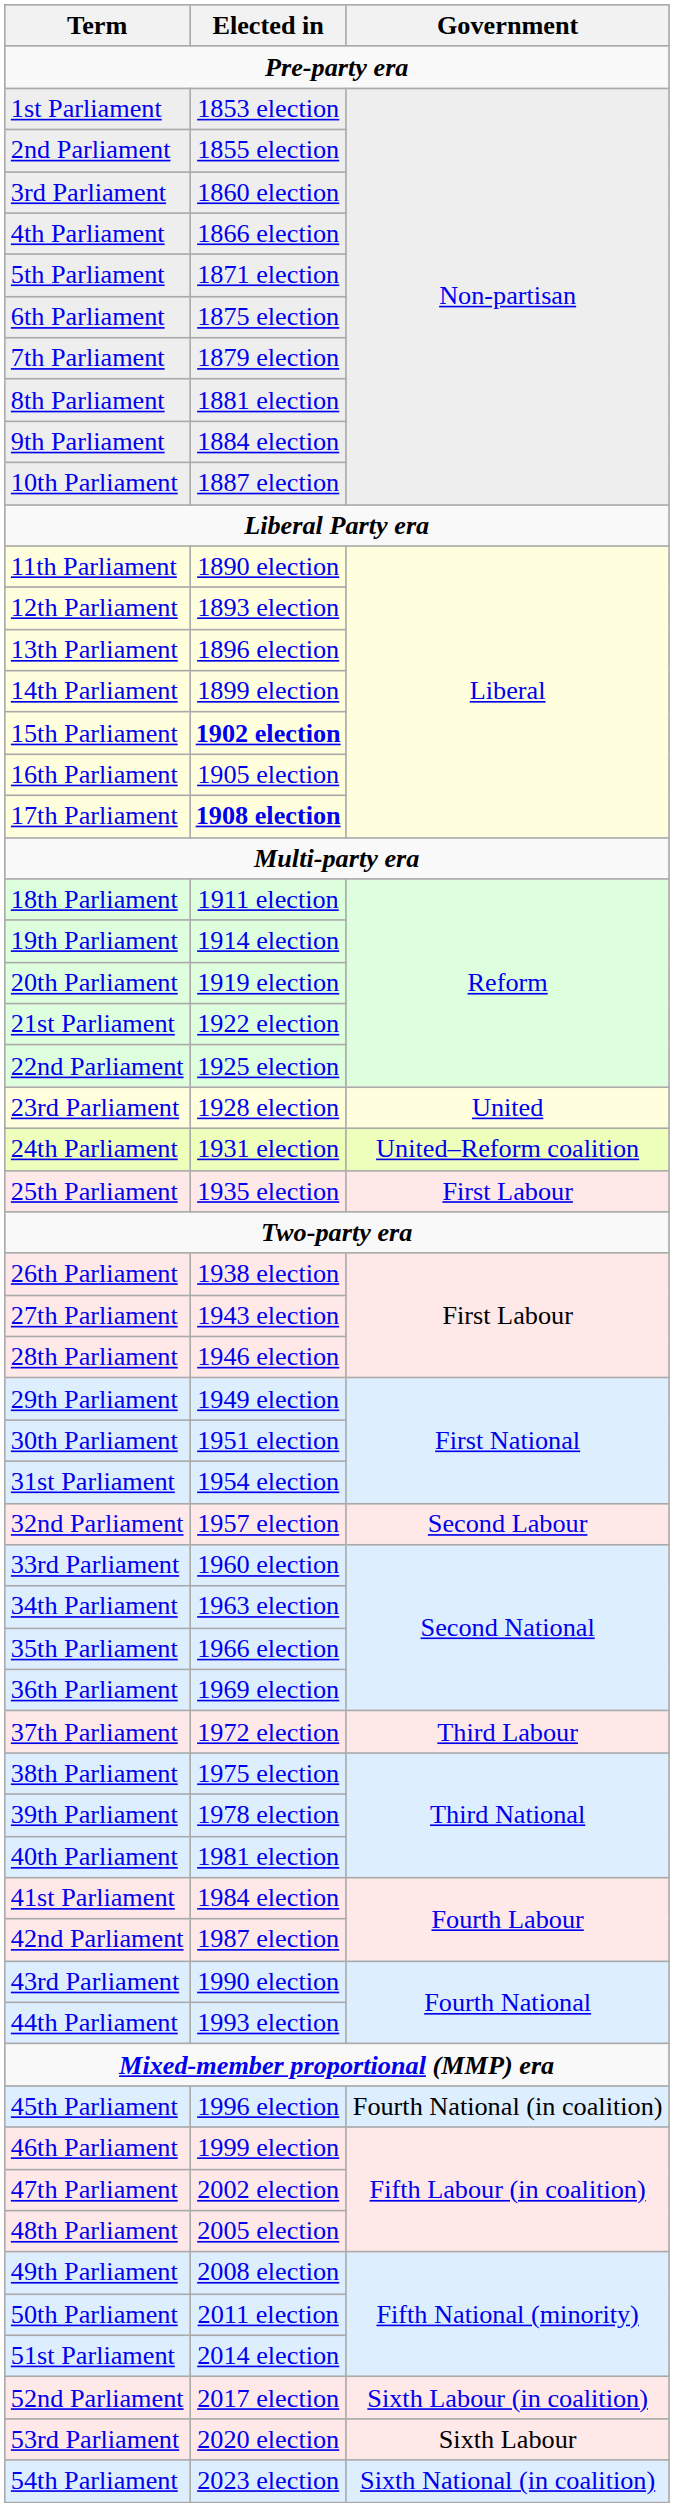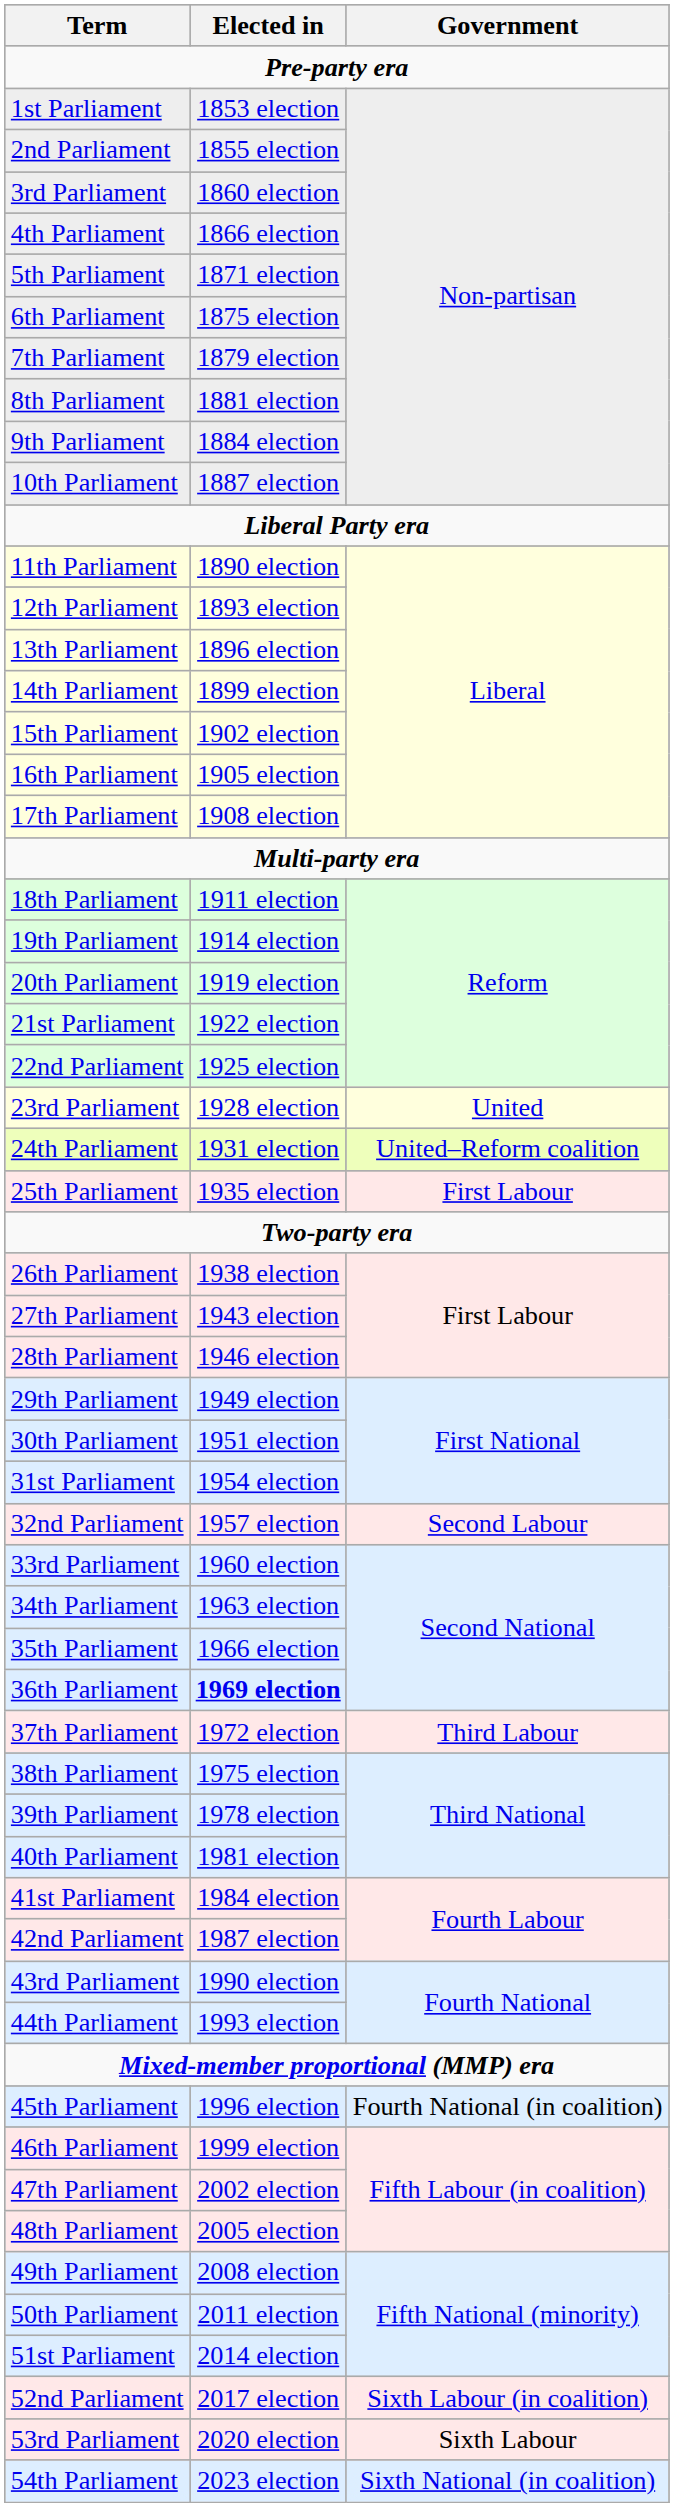 <table class="wikitable">
 <tr>
 <th>Term</th>
 <th>Elected in</th>
 <th>Government</th>
 </tr>
 <tr>
 <td colspan=3 style="text-align: center;"><strong><em>Pre-party era</em></strong></td>
 </tr>
 <tr style="background: #EEEEEE;">
 <td><a href='#'>1st Parliament</a></td>
 <td style="text-align: center;"><a href='#'>1853 election</a></td>
 <td style="text-align: center;" rowspan=10><a href='#'>Non-partisan</a></td>
 </tr>
 <tr style="background: #EEEEEE;">
 <td><a href='#'>2nd Parliament</a></td>
 <td style="text-align: center;"><a href='#'>1855 election</a></td>
 </tr>
 <tr style="background: #EEEEEE;">
 <td><a href='#'>3rd Parliament</a></td>
 <td style="text-align: center;"><a href='#'>1860 election</a></td>
 </tr>
 <tr style="background: #EEEEEE;">
 <td><a href='#'>4th Parliament</a></td>
 <td style="text-align: center;"><a href='#'>1866 election</a></td>
 </tr>
 <tr style="background: #EEEEEE;">
 <td><a href='#'>5th Parliament</a></td>
 <td style="text-align: center;"><a href='#'>1871 election</a></td>
 </tr>
 <tr style="background: #EEEEEE;">
 <td><a href='#'>6th Parliament</a></td>
 <td style="text-align: center;"><a href='#'>1875 election</a></td>
 </tr>
 <tr style="background: #EEEEEE;">
 <td><a href='#'>7th Parliament</a></td>
 <td style="text-align: center;"><a href='#'>1879 election</a></td>
 </tr>
 <tr style="background: #EEEEEE;">
 <td><a href='#'>8th Parliament</a></td>
 <td style="text-align: center;"><a href='#'>1881 election</a></td>
 </tr>
 <tr style="background: #EEEEEE;">
 <td><a href='#'>9th Parliament</a></td>
 <td style="text-align: center;"><a href='#'>1884 election</a></td>
 </tr>
 <tr style="background: #EEEEEE;">
 <td><a href='#'>10th Parliament</a></td>
 <td style="text-align: center;"><a href='#'>1887 election</a></td>
 </tr>
 <tr>
 <td colspan=3 style="text-align: center;"><strong><em>Liberal Party era</em></strong></td>
 </tr>
 <tr style="background: #FFFFDD;">
 <td><a href='#'>11th Parliament</a></td>
 <td style="text-align: center;"><a href='#'>1890 election</a></td>
 <td style="text-align: center;" rowspan=7><a href='#'>Liberal</a></td>
 </tr>
 <tr style="background: #FFFFDD;">
 <td><a href='#'>12th Parliament</a></td>
 <td style="text-align: center;"><a href='#'>1893 election</a></td>
 </tr>
 <tr style="background: #FFFFDD;">
 <td><a href='#'>13th Parliament</a></td>
 <td style="text-align: center;"><a href='#'>1896 election</a></td>
 </tr>
 <tr style="background: #FFFFDD;">
 <td><a href='#'>14th Parliament</a></td>
 <td style="text-align: center;"><a href='#'>1899 election</a></td>
 </tr>
 <tr style="background: #FFFFDD;">
 <td><a href='#'>15th Parliament</a></td>
-<td style="text-align: center;"><strong><a href='#'>1902 election</a></strong></td>
+<td style="text-align: center;"><a href='#'>1902 election</a></td>
 </tr>
 <tr style="background: #FFFFDD;">
 <td><a href='#'>16th Parliament</a></td>
 <td style="text-align: center;"><a href='#'>1905 election</a></td>
 </tr>
 <tr style="background: #FFFFDD;">
 <td><a href='#'>17th Parliament</a></td>
-<td style="text-align: center;"><strong><a href='#'>1908 election</a></strong></td>
+<td style="text-align: center;"><a href='#'>1908 election</a></td>
 </tr>
 <tr>
 <td colspan=3 style="text-align: center;"><strong><em>Multi-party era</em></strong></td>
 </tr>
 <tr style="background: #DDFFDD;">
 <td><a href='#'>18th Parliament</a></td>
 <td style="text-align: center;"><a href='#'>1911 election</a></td>
 <td style="text-align: center;" rowspan=5><a href='#'>Reform</a></td>
 </tr>
 <tr style="background: #DDFFDD;">
 <td><a href='#'>19th Parliament</a></td>
 <td style="text-align: center;"><a href='#'>1914 election</a></td>
 </tr>
 <tr style="background: #DDFFDD;">
 <td><a href='#'>20th Parliament</a></td>
 <td style="text-align: center;"><a href='#'>1919 election</a></td>
 </tr>
 <tr style="background: #DDFFDD;">
 <td><a href='#'>21st Parliament</a></td>
 <td style="text-align: center;"><a href='#'>1922 election</a></td>
 </tr>
 <tr style="background: #DDFFDD;">
 <td><a href='#'>22nd Parliament</a></td>
 <td style="text-align: center;"><a href='#'>1925 election</a></td>
 </tr>
 <tr style="background: #FFFFDD;">
 <td><a href='#'>23rd Parliament</a></td>
 <td style="text-align: center;"><a href='#'>1928 election</a></td>
 <td style="text-align: center;"><a href='#'>United</a></td>
 </tr>
 <tr style="background: #EEFFBB;">
 <td><a href='#'>24th Parliament</a></td>
 <td style="text-align: center;"><a href='#'>1931 election</a></td>
 <td style="text-align: center;"><a href='#'>United–Reform coalition</a></td>
 </tr>
 <tr style="background: #FFE8E8;">
 <td><a href='#'>25th Parliament</a></td>
 <td style="text-align: center;"><a href='#'>1935 election</a></td>
 <td style="text-align: center;"><a href='#'>First Labour</a></td>
 </tr>
 <tr>
 <td colspan=3 style="text-align: center;"><strong><em>Two-party era</em></strong></td>
 </tr>
 <tr style="background: #FFE8E8;">
 <td><a href='#'>26th Parliament</a></td>
 <td style="text-align: center;"><a href='#'>1938 election</a></td>
 <td style="text-align: center;" rowspan=3>First Labour</td>
 </tr>
 <tr style="background: #FFE8E8;">
 <td><a href='#'>27th Parliament</a></td>
 <td style="text-align: center;"><a href='#'>1943 election</a></td>
 </tr>
 <tr style="background: #FFE8E8;">
 <td><a href='#'>28th Parliament</a></td>
 <td style="text-align: center;"><a href='#'>1946 election</a></td>
 </tr>
 <tr style="background: #DDEEFF;">
 <td><a href='#'>29th Parliament</a></td>
 <td style="text-align: center;"><a href='#'>1949 election</a></td>
 <td style="text-align: center;" rowspan=3><a href='#'>First National</a></td>
 </tr>
 <tr style="background: #DDEEFF;">
 <td><a href='#'>30th Parliament</a></td>
 <td style="text-align: center;"><a href='#'>1951 election</a></td>
 </tr>
 <tr style="background: #DDEEFF;">
 <td><a href='#'>31st Parliament</a></td>
 <td style="text-align: center;"><a href='#'>1954 election</a></td>
 </tr>
 <tr style="background: #FFE8E8;">
 <td><a href='#'>32nd Parliament</a></td>
 <td style="text-align: center;"><a href='#'>1957 election</a></td>
 <td style="text-align: center;"><a href='#'>Second Labour</a></td>
 </tr>
 <tr style="background: #DDEEFF;">
 <td><a href='#'>33rd Parliament</a></td>
 <td style="text-align: center;"><a href='#'>1960 election</a></td>
 <td style="text-align: center;" rowspan=4><a href='#'>Second National</a></td>
 </tr>
 <tr style="background: #DDEEFF;">
 <td><a href='#'>34th Parliament</a></td>
 <td style="text-align: center;"><a href='#'>1963 election</a></td>
 </tr>
 <tr style="background: #DDEEFF;">
 <td><a href='#'>35th Parliament</a></td>
 <td style="text-align: center;"><a href='#'>1966 election</a></td>
 </tr>
 <tr style="background: #DDEEFF;">
 <td><a href='#'>36th Parliament</a></td>
-<td style="text-align: center;"><a href='#'>1969 election</a></td>
+<td style="text-align: center;"><strong><a href='#'>1969 election</a></strong></td>
 </tr>
 <tr style="background: #FFE8E8;">
 <td><a href='#'>37th Parliament</a></td>
 <td style="text-align: center;"><a href='#'>1972 election</a></td>
 <td style="text-align: center;"><a href='#'>Third Labour</a></td>
 </tr>
 <tr style="background: #DDEEFF;">
 <td><a href='#'>38th Parliament</a></td>
 <td style="text-align: center;"><a href='#'>1975 election</a></td>
 <td style="text-align: center;" rowspan=3><a href='#'>Third National</a></td>
 </tr>
 <tr style="background: #DDEEFF;">
 <td><a href='#'>39th Parliament</a></td>
 <td style="text-align: center;"><a href='#'>1978 election</a></td>
 </tr>
 <tr style="background: #DDEEFF;">
 <td><a href='#'>40th Parliament</a></td>
 <td style="text-align: center;"><a href='#'>1981 election</a></td>
 </tr>
 <tr style="background: #FFE8E8;">
 <td><a href='#'>41st Parliament</a></td>
 <td style="text-align: center;"><a href='#'>1984 election</a></td>
 <td style="text-align: center;" rowspan=2><a href='#'>Fourth Labour</a></td>
 </tr>
 <tr style="background: #FFE8E8;">
 <td><a href='#'>42nd Parliament</a></td>
 <td style="text-align: center;"><a href='#'>1987 election</a></td>
 </tr>
 <tr style="background: #DDEEFF;">
 <td><a href='#'>43rd Parliament</a></td>
 <td style="text-align: center;"><a href='#'>1990 election</a></td>
 <td style="text-align: center;" rowspan=2><a href='#'>Fourth National</a></td>
 </tr>
 <tr style="background: #DDEEFF;">
 <td><a href='#'>44th Parliament</a></td>
 <td style="text-align: center;"><a href='#'>1993 election</a></td>
 </tr>
 <tr>
 <td colspan=3 style="text-align: center;"><strong><em><a href='#'>Mixed-member proportional</a> (MMP) era</em></strong></td>
 </tr>
 <tr style="background: #DDEEFF;">
 <td><a href='#'>45th Parliament</a></td>
 <td style="text-align: center;"><a href='#'>1996 election</a></td>
 <td style="text-align: center;">Fourth National (in coalition)</td>
 </tr>
 <tr style="background: #FFE8E8;">
 <td><a href='#'>46th Parliament</a></td>
 <td style="text-align: center;"><a href='#'>1999 election</a></td>
 <td style="text-align: center;" rowspan=3><a href='#'>Fifth Labour (in coalition)</a></td>
 </tr>
 <tr style="background: #FFE8E8;">
 <td><a href='#'>47th Parliament</a></td>
 <td style="text-align: center;"><a href='#'>2002 election</a></td>
 </tr>
 <tr style="background: #FFE8E8;">
 <td><a href='#'>48th Parliament</a></td>
 <td style="text-align: center;"><a href='#'>2005 election</a></td>
 </tr>
 <tr style="background: #DDEEFF;">
 <td><a href='#'>49th Parliament</a></td>
 <td style="text-align: center;"><a href='#'>2008 election</a></td>
 <td rowspan=3 style="text-align: center;"><a href='#'>Fifth National (minority)</a></td>
 </tr>
 <tr style="background: #DDEEFF;">
 <td><a href='#'>50th Parliament</a></td>
 <td style="text-align: center;"><a href='#'>2011 election</a></td>
 </tr>
 <tr style="background: #DDEEFF;">
 <td><a href='#'>51st Parliament</a></td>
 <td style="text-align: center;"><a href='#'>2014 election</a></td>
 </tr>
 <tr style="background: #FFE8E8;">
 <td><a href='#'>52nd Parliament</a></td>
 <td style="text-align: center;"><a href='#'>2017 election</a></td>
 <td style="text-align: center;"><a href='#'>Sixth Labour (in coalition)</a></td>
 </tr>
 <tr style="background: #FFE8E8;">
 <td><a href='#'>53rd Parliament</a></td>
 <td style="text-align: center;"><a href='#'>2020 election</a></td>
 <td style="text-align: center;">Sixth Labour</td>
 </tr>
 <tr style="background: #DDEEFF;">
 <td><a href='#'>54th Parliament</a></td>
 <td style="text-align: center;"><a href='#'>2023 election</a></td>
 <td style="text-align: center;"><a href='#'>Sixth National (in coalition)</a></td>
 </tr>
 </table>
